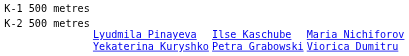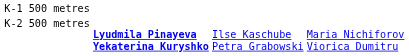 <table>
 <tr valign="top">
 <td>K-1 500 metres<br></td>
 <td></td>
 <td></td>
 <td></td>
 </tr>
 <tr valign="top">
 <td>K-2 500 metres<br></td>
-<td> <br><a href='#'>Lyudmila Pinayeva</a> <br><a href='#'>Yekaterina Kuryshko</a></td>
+<td><strong> <br><a href='#'>Lyudmila Pinayeva</a> <br><a href='#'>Yekaterina Kuryshko</a></strong></td>
 <td> <br><a href='#'>Ilse Kaschube</a> <br><a href='#'>Petra Grabowski</a></td>
 <td> <br><a href='#'>Maria Nichiforov</a> <br><a href='#'>Viorica Dumitru</a></td>
 </tr>
 </table>
